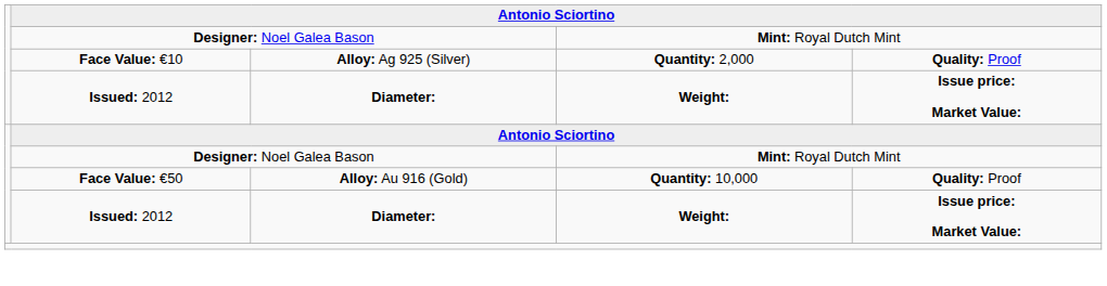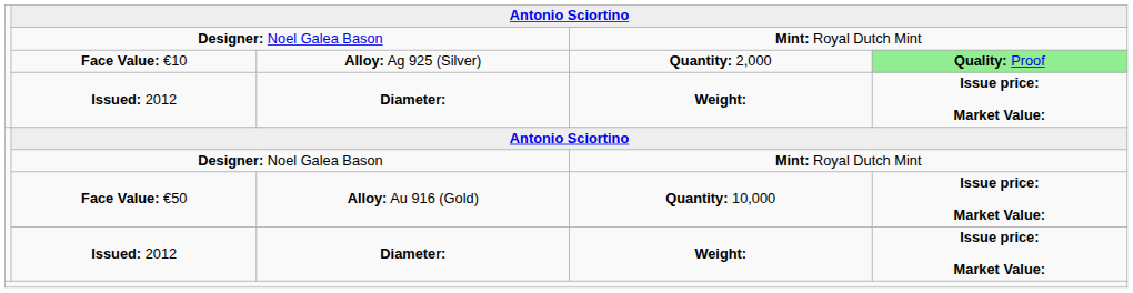 <table class="wikitable" width=100%>
 <tr>
 <td rowspan=4 width="330px" nowrap align=center></td>
 <th colspan="4" align=center style="background:#eeeeee;"><a href='#'>Antonio Sciortino</a></th>
 </tr>
 <tr>
 <td colspan="2" width="50%" align=center><strong>Designer:</strong> <a href='#'>Noel Galea Bason</a></td>
 <td colspan="2" width="50%" align=center><strong>Mint:</strong> Royal Dutch Mint</td>
 </tr>
 <tr>
 <td align=center><strong>Face Value:</strong> €10</td>
 <td align=center><strong>Alloy:</strong> Ag 925 (Silver)</td>
 <td align=center><strong>Quantity:</strong> 2,000</td>
-<td align=center><strong>Quality:</strong> <a href='#'>Proof</a></td>
+<td align=center style="background: lightgreen;"><strong>Quality:</strong> <a href='#'>Proof</a></td>
 </tr>
 <tr>
 <td align=center><strong>Issued:</strong> 2012</td>
 <td align=center><strong>Diameter:</strong> </td>
 <td align=center><strong>Weight:</strong> </td>
 <td align=center><strong>Issue price:</strong><br><br> <strong>Market Value:</strong></td>
 </tr>
 <tr>
 <td rowspan=4 width="330px" nowrap align=center></td>
 <th colspan="4" align=center style="background:#eeeeee;"><a href='#'>Antonio Sciortino</a></th>
 </tr>
 <tr>
 <td colspan="2" width="50%" align=center><strong>Designer:</strong> Noel Galea Bason</td>
 <td colspan="2" width="50%" align=center><strong>Mint:</strong> Royal Dutch Mint</td>
 </tr>
 <tr>
 <td align=center><strong>Face Value:</strong> €50</td>
 <td align=center><strong>Alloy:</strong> Au 916 (Gold)</td>
 <td align=center><strong>Quantity:</strong> 10,000</td>
-<td align=center><strong>Quality:</strong> Proof</td>
+<td align=center><strong>Issue price:</strong><br><br> <strong>Market Value:</strong></td>
 </tr>
 <tr>
 <td align=center><strong>Issued:</strong> 2012</td>
 <td align=center><strong>Diameter:</strong> </td>
 <td align=center><strong>Weight:</strong> </td>
 <td align=center><strong>Issue price:</strong><br><br> <strong>Market Value:</strong></td>
 </tr>
 <tr>
 <td colspan="5" align=left></td>
 </tr>
 </table>
